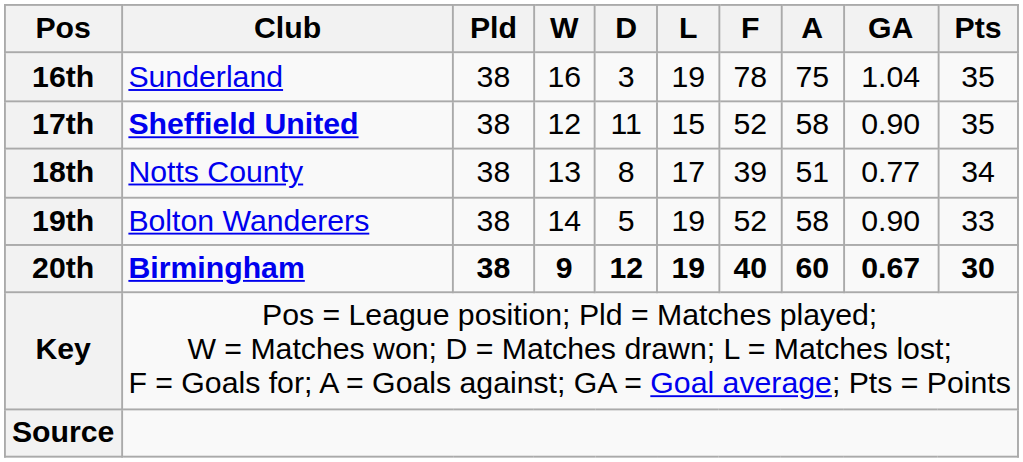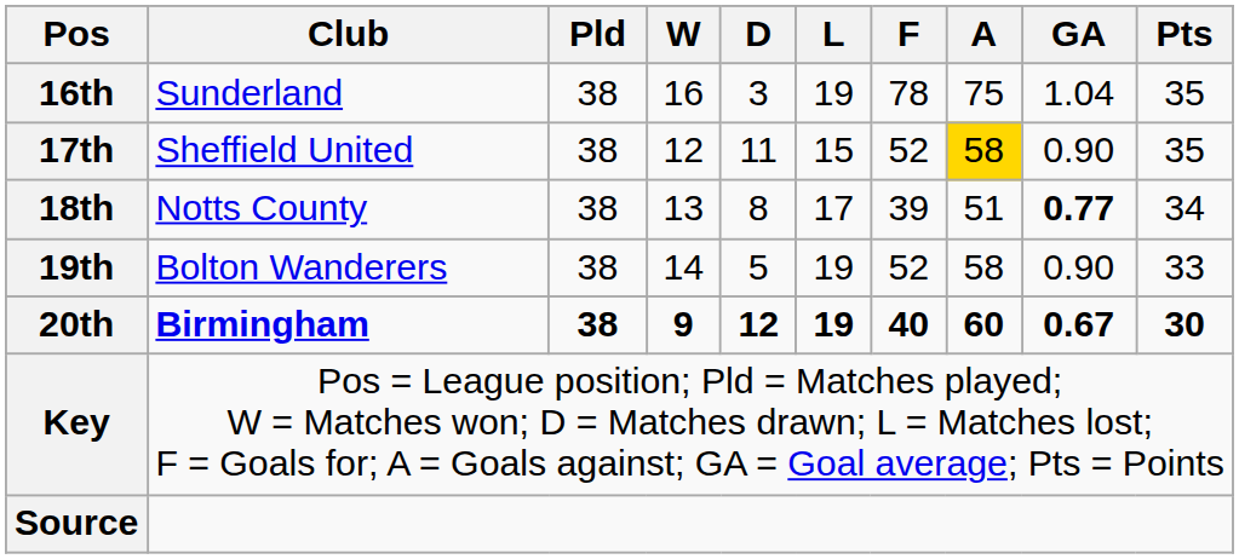 <table class="wikitable" style="text-align:center">
 <tr>
 <th scope="col">Pos</th>
 <th scope="col">Club</th>
 <th scope="col">Pld</th>
 <th scope="col">W</th>
 <th scope="col">D</th>
 <th scope="col">L</th>
 <th scope="col">F</th>
 <th scope="col">A</th>
 <th scope="col">GA</th>
 <th scope="col">Pts</th>
 </tr>
 <tr>
 <th scope="row">16th</th>
 <td align="left"><a href='#'>Sunderland</a></td>
 <td>38</td>
 <td>16</td>
 <td>3</td>
 <td>19</td>
 <td>78</td>
 <td>75</td>
 <td>1.04</td>
 <td>35</td>
 </tr>
 <tr>
 <th scope="row">17th</th>
-<td align="left"><strong><a href='#'>Sheffield United</a></strong></td>
+<td align="left"><a href='#'>Sheffield United</a></td>
 <td>38</td>
 <td>12</td>
 <td>11</td>
 <td>15</td>
 <td>52</td>
-<td>58</td>
+<td style="background: gold;">58</td>
 <td>0.90</td>
 <td>35</td>
 </tr>
 <tr>
 <th scope="row">18th</th>
 <td align="left"><a href='#'>Notts County</a></td>
 <td>38</td>
 <td>13</td>
 <td>8</td>
 <td>17</td>
 <td>39</td>
 <td>51</td>
-<td>0.77</td>
+<td><strong>0.77</strong></td>
 <td>34</td>
 </tr>
 <tr>
 <th scope="row">19th</th>
 <td align="left"><a href='#'>Bolton Wanderers</a></td>
 <td>38</td>
 <td>14</td>
 <td>5</td>
 <td>19</td>
 <td>52</td>
 <td>58</td>
 <td>0.90</td>
 <td>33</td>
 </tr>
 <tr style="font-weight:bold">
 <th scope="row">20th</th>
 <td align="left"><a href='#'>Birmingham</a></td>
 <td>38</td>
 <td>9</td>
 <td>12</td>
 <td>19</td>
 <td>40</td>
 <td>60</td>
 <td>0.67</td>
 <td>30</td>
 </tr>
 <tr>
 <th scope="row">Key</th>
 <td colspan="9">Pos = League position; Pld = Matches played;<br>W = Matches won; D = Matches drawn; L = Matches lost;<br>F = Goals for; A = Goals against; GA = <a href='#'>Goal average</a>; Pts = Points</td>
 </tr>
 <tr>
 <th scope="row">Source</th>
 <td colspan="9"></td>
 </tr>
 </table>
